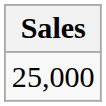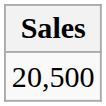 <table class="wikitable">
 <tr>
 <th>Sales</th>
 </tr>
 <tr>
-<td>25,000</td>
+<td>20,500</td>
 </tr>
 </table>
